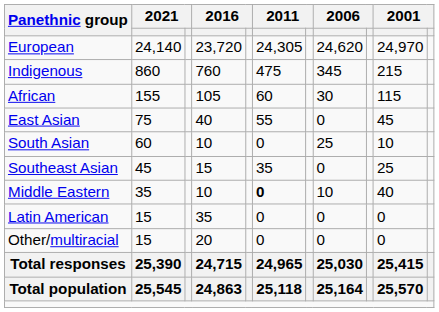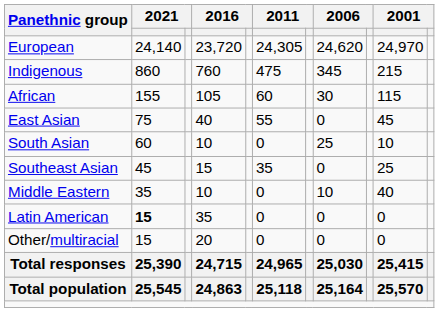 <table class="wikitable collapsible sortable">
 <tr>
 <th rowspan="2"><a href='#'>Panethnic</a> group</th>
 <th colspan="2">2021</th>
 <th colspan="2">2016</th>
 <th colspan="2">2011</th>
 <th colspan="2">2006</th>
 <th colspan="2">2001</th>
 </tr>
 <tr>
 <th><a href='#'></a></th>
 <th></th>
 <th></th>
 <th></th>
 <th></th>
 <th></th>
 <th></th>
 <th></th>
 <th></th>
 <th></th>
 </tr>
 <tr>
 <td><a href='#'>European</a></td>
 <td>24,140</td>
 <td></td>
 <td>23,720</td>
 <td></td>
 <td>24,305</td>
 <td></td>
 <td>24,620</td>
 <td></td>
 <td>24,970</td>
 <td></td>
 </tr>
 <tr>
 <td><a href='#'>Indigenous</a></td>
 <td>860</td>
 <td></td>
 <td>760</td>
 <td></td>
 <td>475</td>
 <td></td>
 <td>345</td>
 <td></td>
 <td>215</td>
 <td></td>
 </tr>
 <tr>
 <td><a href='#'>African</a></td>
 <td>155</td>
 <td></td>
 <td>105</td>
 <td></td>
 <td>60</td>
 <td></td>
 <td>30</td>
 <td></td>
 <td>115</td>
 <td></td>
 </tr>
 <tr>
 <td><a href='#'>East Asian</a></td>
 <td>75</td>
 <td></td>
 <td>40</td>
 <td></td>
 <td>55</td>
 <td></td>
 <td>0</td>
 <td></td>
 <td>45</td>
 <td></td>
 </tr>
 <tr>
 <td><a href='#'>South Asian</a></td>
 <td>60</td>
 <td></td>
 <td>10</td>
 <td></td>
 <td>0</td>
 <td></td>
 <td>25</td>
 <td></td>
 <td>10</td>
 <td></td>
 </tr>
 <tr>
 <td><a href='#'>Southeast Asian</a></td>
 <td>45</td>
 <td></td>
 <td>15</td>
 <td></td>
 <td>35</td>
 <td></td>
 <td>0</td>
 <td></td>
 <td>25</td>
 <td></td>
 </tr>
 <tr>
 <td><a href='#'>Middle Eastern</a></td>
 <td>35</td>
 <td></td>
 <td>10</td>
 <td></td>
-<td><strong>0</strong></td>
+<td>0</td>
 <td></td>
 <td>10</td>
 <td></td>
 <td>40</td>
 <td></td>
 </tr>
 <tr>
 <td><a href='#'>Latin American</a></td>
-<td>15</td>
+<td><strong>15</strong></td>
 <td></td>
 <td>35</td>
 <td></td>
 <td>0</td>
 <td></td>
 <td>0</td>
 <td></td>
 <td>0</td>
 <td></td>
 </tr>
 <tr>
 <td>Other/<a href='#'>multiracial</a></td>
 <td>15</td>
 <td></td>
 <td>20</td>
 <td></td>
 <td>0</td>
 <td></td>
 <td>0</td>
 <td></td>
 <td>0</td>
 <td></td>
 </tr>
 <tr>
 <th>Total responses</th>
 <th>25,390</th>
 <th></th>
 <th>24,715</th>
 <th></th>
 <th>24,965</th>
 <th></th>
 <th>25,030</th>
 <th></th>
 <th>25,415</th>
 <th></th>
 </tr>
 <tr class="sortbottom">
 <th>Total population</th>
 <th>25,545</th>
 <th></th>
 <th>24,863</th>
 <th></th>
 <th>25,118</th>
 <th></th>
 <th>25,164</th>
 <th></th>
 <th>25,570</th>
 <th></th>
 </tr>
 <tr class="sortbottom">
 <td colspan="11"></td>
 </tr>
 </table>
